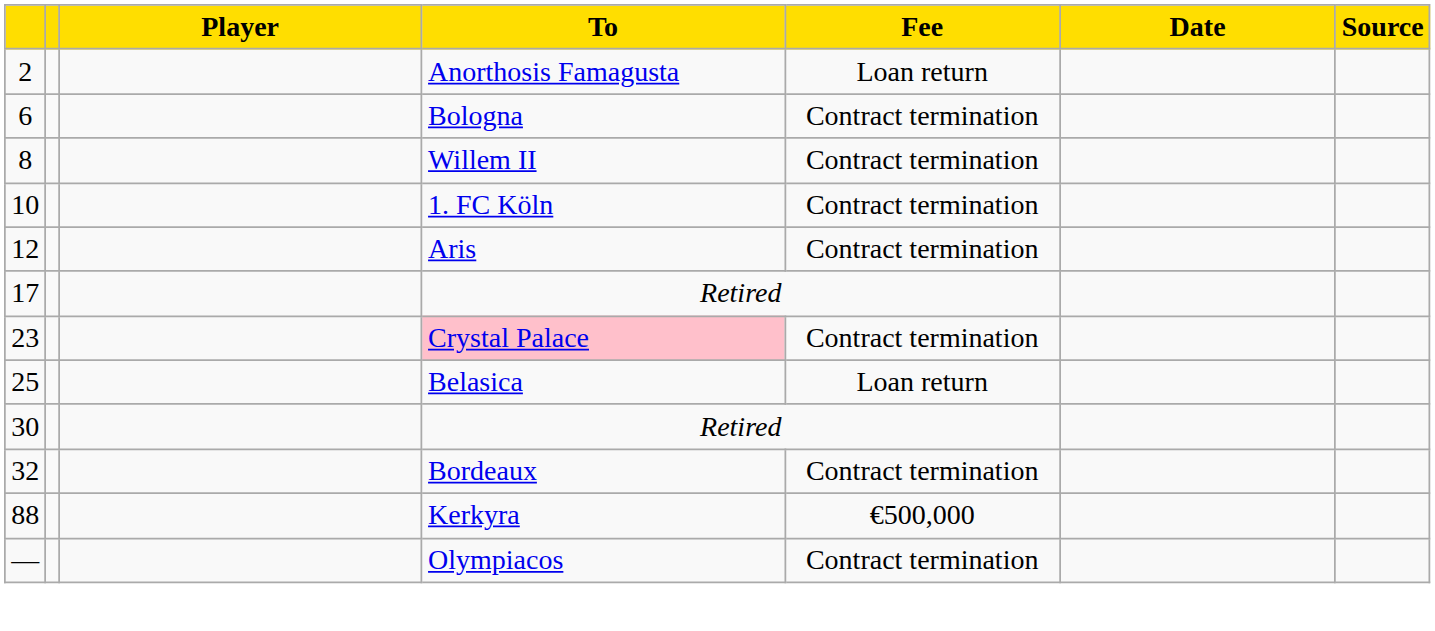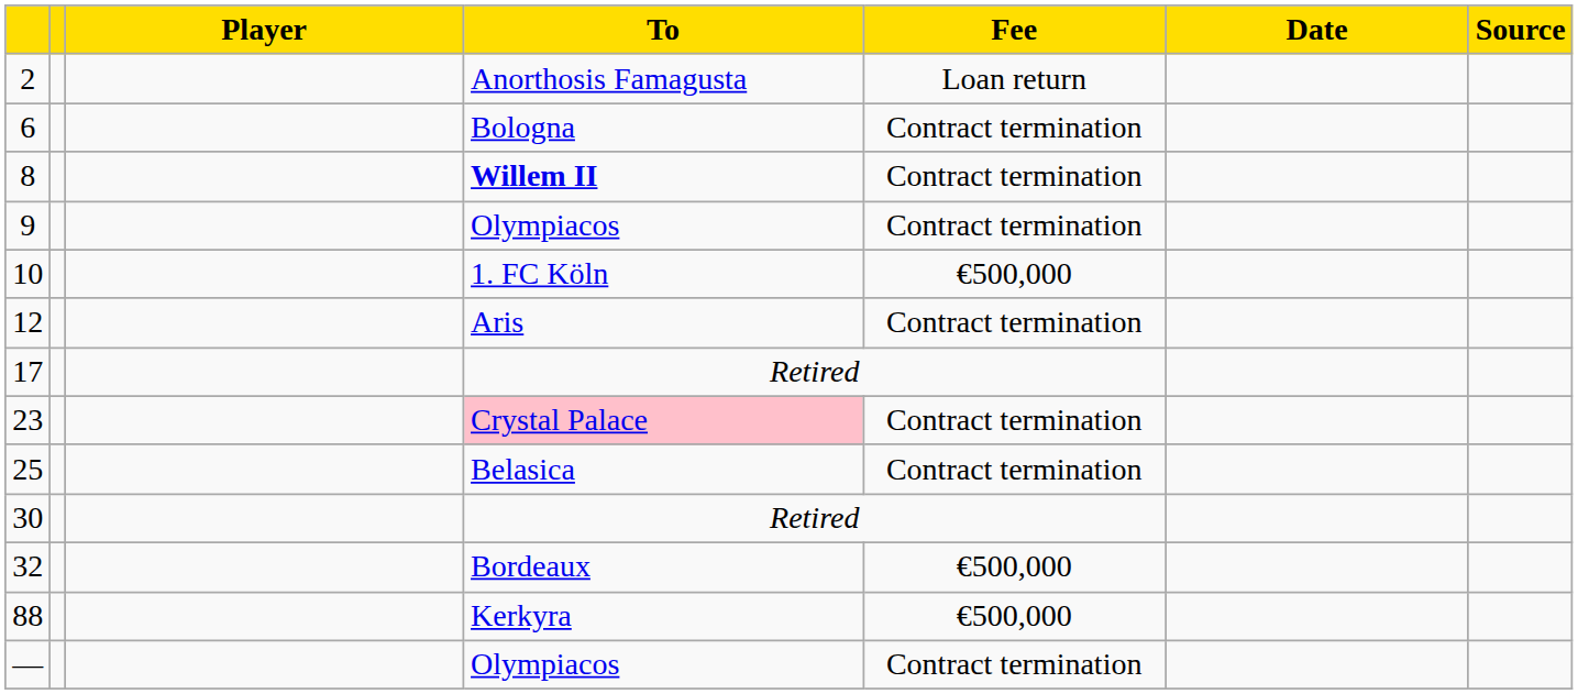 <table class="wikitable sortable">
 <tr>
 <th style="background:#FFDE00"></th>
 <th style="background:#FFDE00"></th>
 <th width=200 style="background:#FFDE00">Player</th>
 <th width=200 style="background:#FFDE00">To</th>
 <th width=150 style="background:#FFDE00">Fee</th>
 <th width=150 style="background:#FFDE00">Date</th>
 <th style="background:#FFDE00">Source</th>
 </tr>
 <tr>
 <td align=center>2</td>
 <td align=center></td>
 <td></td>
 <td> <a href='#'>Anorthosis Famagusta</a></td>
 <td align=center>Loan return</td>
 <td align=center></td>
 <td align=center></td>
 </tr>
 <tr>
 <td align=center>6</td>
 <td align=center></td>
 <td></td>
 <td> <a href='#'>Bologna</a></td>
 <td align=center>Contract termination</td>
 <td align=center></td>
 <td align=center></td>
 </tr>
 <tr>
 <td align=center>8</td>
 <td align=center></td>
 <td></td>
-<td> <a href='#'>Willem II</a></td>
+<td><strong> <a href='#'>Willem II</a></strong></td>
+<td align=center>Contract termination</td>
+<td align=center></td>
+<td align=center></td>
+</tr>
+<tr>
+<td align=center>9</td>
+<td align=center></td>
+<td></td>
+<td> <a href='#'>Olympiacos</a></td>
 <td align=center>Contract termination</td>
 <td align=center></td>
 <td align=center></td>
 </tr>
 <tr>
 <td align=center>10</td>
 <td align=center></td>
 <td></td>
 <td> <a href='#'>1. FC Köln</a></td>
-<td align=center>Contract termination</td>
+<td align=center>€500,000</td>
 <td align=center></td>
 <td align=center></td>
 </tr>
 <tr>
 <td align=center>12</td>
 <td align=center></td>
 <td></td>
 <td> <a href='#'>Aris</a></td>
 <td align=center>Contract termination</td>
 <td align=center></td>
 <td align=center></td>
 </tr>
 <tr>
 <td align=center>17</td>
 <td align=center></td>
 <td></td>
 <td align=center colspan=2><em>Retired</em></td>
 <td align=center></td>
 <td align=center></td>
 </tr>
 <tr>
 <td align=center>23</td>
 <td align=center></td>
 <td></td>
 <td style="background: pink;"> <a href='#'>Crystal Palace</a></td>
 <td align=center>Contract termination</td>
 <td align=center></td>
 <td align=center></td>
 </tr>
 <tr>
 <td align=center>25</td>
 <td align=center></td>
 <td></td>
 <td> <a href='#'>Belasica</a></td>
-<td align=center>Loan return</td>
+<td align=center>Contract termination</td>
 <td align=center></td>
 <td align=center></td>
 </tr>
 <tr>
 <td align=center>30</td>
 <td align=center></td>
 <td></td>
 <td align=center colspan=2><em>Retired</em></td>
 <td align=center></td>
 <td align=center></td>
 </tr>
 <tr>
 <td align=center>32</td>
 <td align=center></td>
 <td></td>
 <td> <a href='#'>Bordeaux</a></td>
-<td align=center>Contract termination</td>
+<td align=center>€500,000</td>
 <td align=center></td>
 <td align=center></td>
 </tr>
 <tr>
 <td align=center>88</td>
 <td align=center></td>
 <td></td>
 <td> <a href='#'>Kerkyra</a></td>
 <td align=center>€500,000</td>
 <td align=center></td>
 <td align=center></td>
 </tr>
 <tr>
 <td align=center>—</td>
 <td align=center></td>
 <td></td>
 <td> <a href='#'>Olympiacos</a></td>
 <td align=center>Contract termination</td>
 <td align=center></td>
 <td align=center></td>
 </tr>
 </table>
